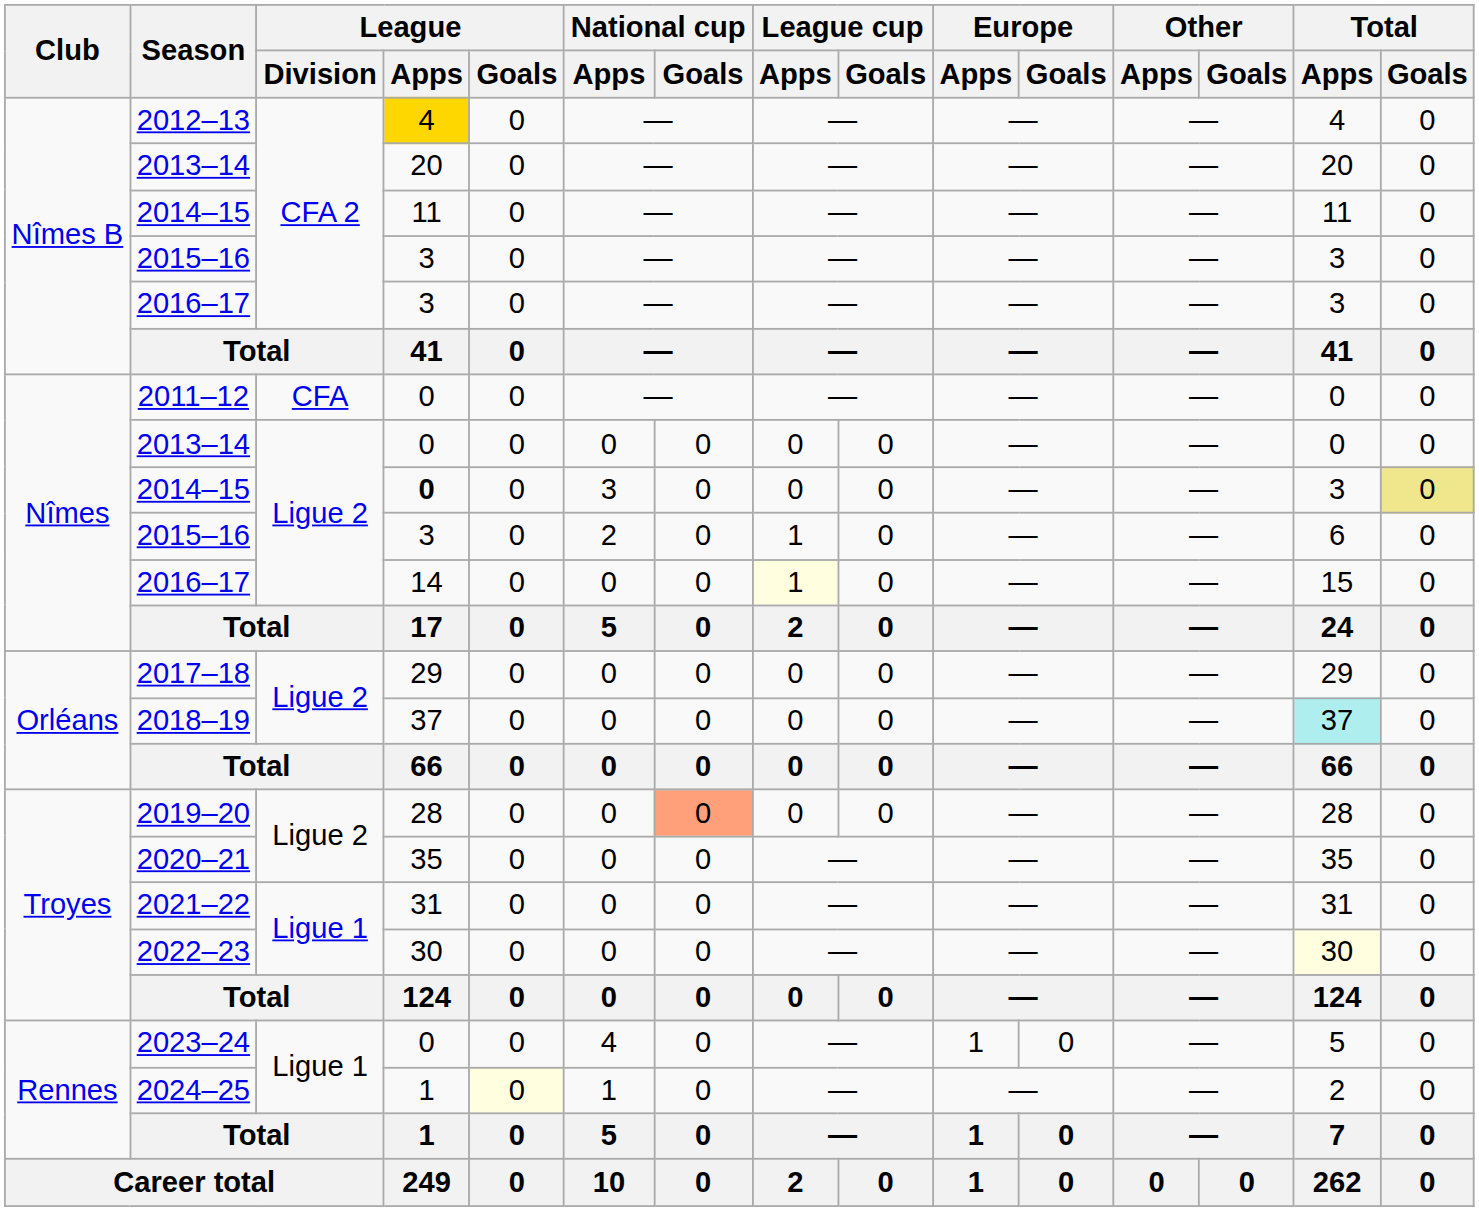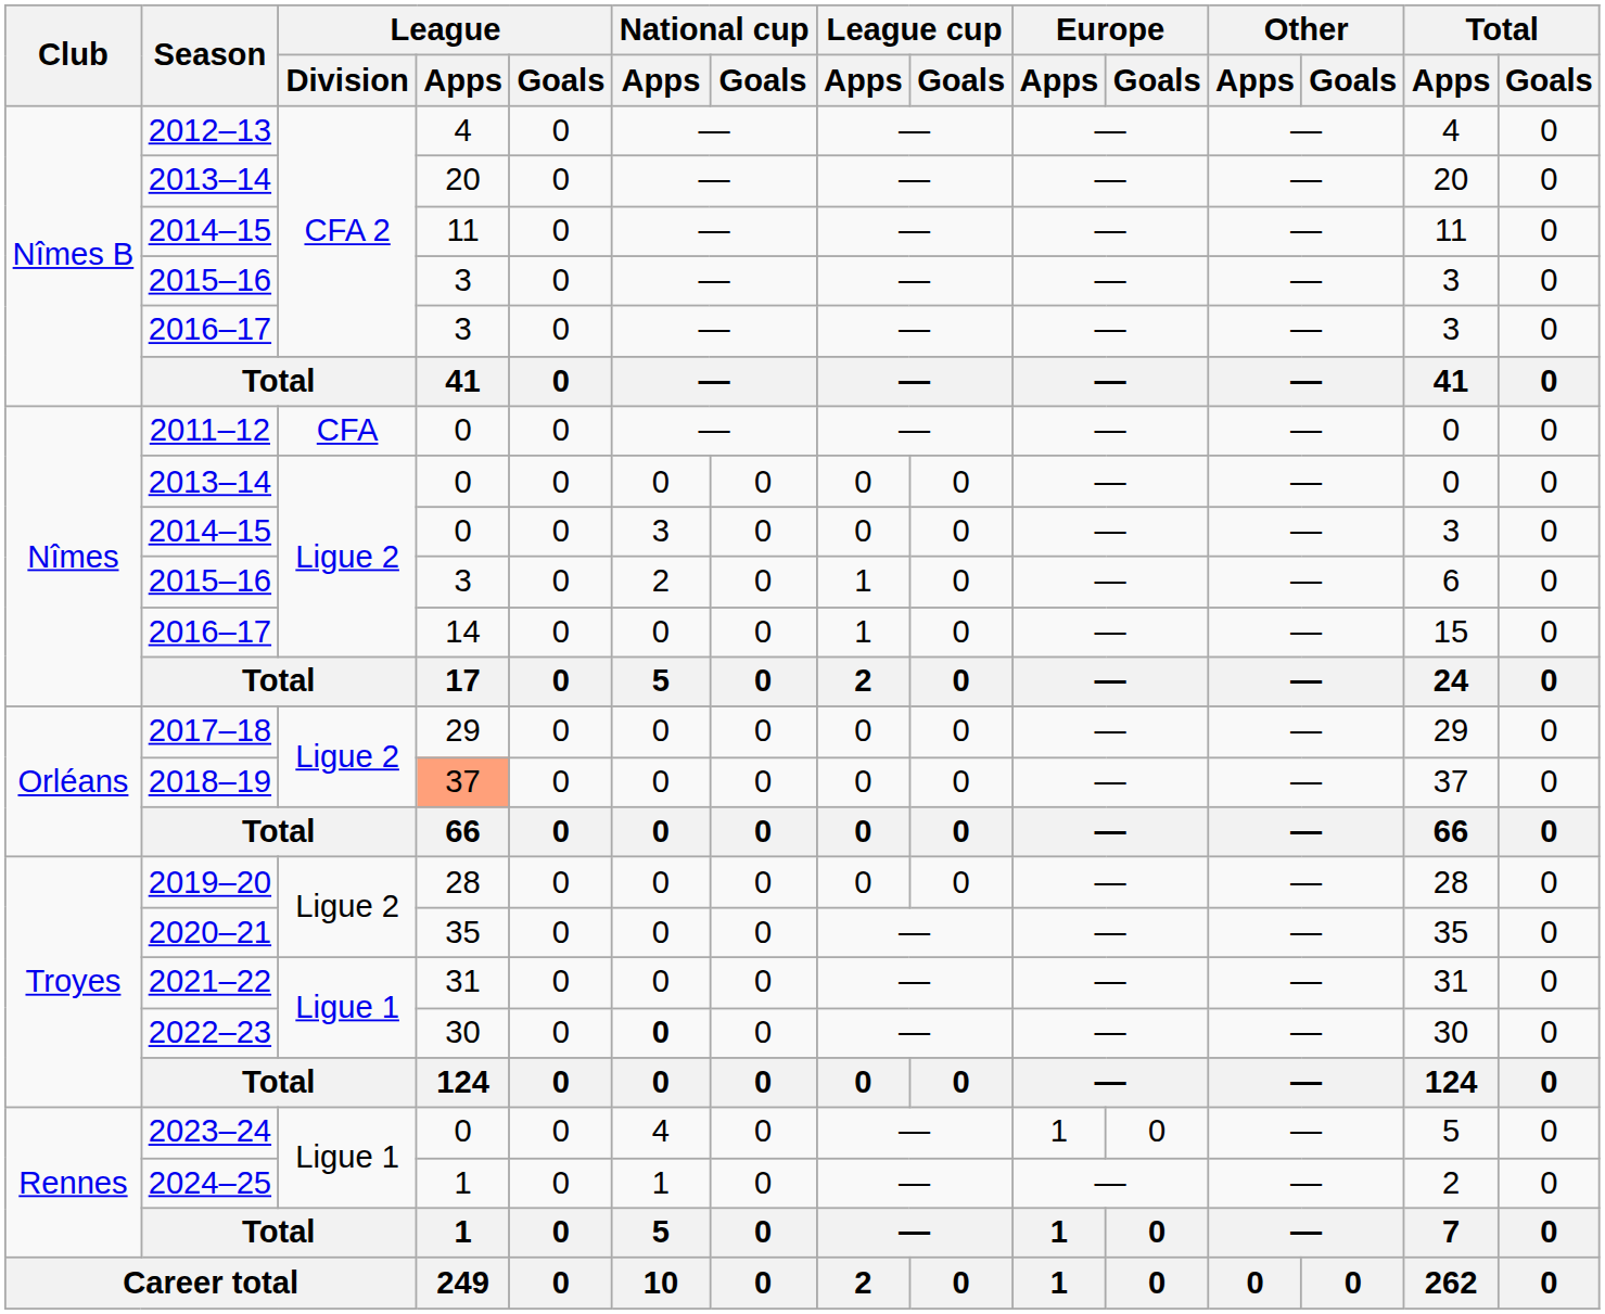 <table class="wikitable" style="text-align: center;">
 <tr>
 <th rowspan="2">Club</th>
 <th rowspan="2">Season</th>
 <th colspan="3">League</th>
 <th colspan="2">National cup</th>
 <th colspan="2">League cup</th>
 <th colspan="2">Europe</th>
 <th colspan="2">Other</th>
 <th colspan="2">Total</th>
 </tr>
 <tr>
 <th>Division</th>
 <th>Apps</th>
 <th>Goals</th>
 <th>Apps</th>
 <th>Goals</th>
 <th>Apps</th>
 <th>Goals</th>
 <th>Apps</th>
 <th>Goals</th>
 <th>Apps</th>
 <th>Goals</th>
 <th>Apps</th>
 <th>Goals</th>
 </tr>
 <tr>
 <td rowspan="6"><a href='#'>Nîmes B</a></td>
 <td><a href='#'>2012–13</a></td>
 <td rowspan="5"><a href='#'>CFA 2</a></td>
-<td style="background: gold;">4</td>
+<td>4</td>
 <td>0</td>
 <td colspan="2">—</td>
 <td colspan="2">—</td>
 <td colspan="2">—</td>
 <td colspan="2">—</td>
 <td>4</td>
 <td>0</td>
 </tr>
 <tr>
 <td><a href='#'>2013–14</a></td>
 <td>20</td>
 <td>0</td>
 <td colspan="2">—</td>
 <td colspan="2">—</td>
 <td colspan="2">—</td>
 <td colspan="2">—</td>
 <td>20</td>
 <td>0</td>
 </tr>
 <tr>
 <td><a href='#'>2014–15</a></td>
 <td>11</td>
 <td>0</td>
 <td colspan="2">—</td>
 <td colspan="2">—</td>
 <td colspan="2">—</td>
 <td colspan="2">—</td>
 <td>11</td>
 <td>0</td>
 </tr>
 <tr>
 <td><a href='#'>2015–16</a></td>
 <td>3</td>
 <td>0</td>
 <td colspan="2">—</td>
 <td colspan="2">—</td>
 <td colspan="2">—</td>
 <td colspan="2">—</td>
 <td>3</td>
 <td>0</td>
 </tr>
 <tr>
 <td><a href='#'>2016–17</a></td>
 <td>3</td>
 <td>0</td>
 <td colspan="2">—</td>
 <td colspan="2">—</td>
 <td colspan="2">—</td>
 <td colspan="2">—</td>
 <td>3</td>
 <td>0</td>
 </tr>
 <tr>
 <th colspan="2">Total</th>
 <th>41</th>
 <th>0</th>
 <th colspan="2">—</th>
 <th colspan="2">—</th>
 <th colspan="2">—</th>
 <th colspan="2">—</th>
 <th>41</th>
 <th>0</th>
 </tr>
 <tr>
 <td rowspan="6"><a href='#'>Nîmes</a></td>
 <td><a href='#'>2011–12</a></td>
 <td><a href='#'>CFA</a></td>
 <td>0</td>
 <td>0</td>
 <td colspan="2">—</td>
 <td colspan="2">—</td>
 <td colspan="2">—</td>
 <td colspan="2">—</td>
 <td>0</td>
 <td>0</td>
 </tr>
 <tr>
 <td><a href='#'>2013–14</a></td>
 <td rowspan="4"><a href='#'>Ligue 2</a></td>
 <td>0</td>
 <td>0</td>
 <td>0</td>
 <td>0</td>
 <td>0</td>
 <td>0</td>
 <td colspan="2">—</td>
 <td colspan="2">—</td>
 <td>0</td>
 <td>0</td>
 </tr>
 <tr>
 <td><a href='#'>2014–15</a></td>
-<td><strong>0</strong></td>
+<td>0</td>
 <td>0</td>
 <td>3</td>
 <td>0</td>
 <td>0</td>
 <td>0</td>
 <td colspan="2">—</td>
 <td colspan="2">—</td>
 <td>3</td>
-<td style="background: khaki;">0</td>
+<td>0</td>
 </tr>
 <tr>
 <td><a href='#'>2015–16</a></td>
 <td>3</td>
 <td>0</td>
 <td>2</td>
 <td>0</td>
 <td>1</td>
 <td>0</td>
 <td colspan="2">—</td>
 <td colspan="2">—</td>
 <td>6</td>
 <td>0</td>
 </tr>
 <tr>
 <td><a href='#'>2016–17</a></td>
 <td>14</td>
 <td>0</td>
 <td>0</td>
 <td>0</td>
-<td style="background: lightyellow;">1</td>
+<td>1</td>
 <td>0</td>
 <td colspan="2">—</td>
 <td colspan="2">—</td>
 <td>15</td>
 <td>0</td>
 </tr>
 <tr>
 <th colspan="2">Total</th>
 <th>17</th>
 <th>0</th>
 <th>5</th>
 <th>0</th>
 <th>2</th>
 <th>0</th>
 <th colspan="2">—</th>
 <th colspan="2">—</th>
 <th>24</th>
 <th>0</th>
 </tr>
 <tr>
 <td rowspan="3"><a href='#'>Orléans</a></td>
 <td><a href='#'>2017–18</a></td>
 <td rowspan="2"><a href='#'>Ligue 2</a></td>
 <td>29</td>
 <td>0</td>
 <td>0</td>
 <td>0</td>
 <td>0</td>
 <td>0</td>
 <td colspan="2">—</td>
 <td colspan="2">—</td>
 <td>29</td>
 <td>0</td>
 </tr>
 <tr>
 <td><a href='#'>2018–19</a></td>
-<td>37</td>
+<td style="background: lightsalmon;">37</td>
 <td>0</td>
 <td>0</td>
 <td>0</td>
 <td>0</td>
 <td>0</td>
 <td colspan="2">—</td>
 <td colspan="2">—</td>
-<td style="background: paleturquoise;">37</td>
+<td>37</td>
 <td>0</td>
 </tr>
 <tr>
 <th colspan="2">Total</th>
 <th>66</th>
 <th>0</th>
 <th>0</th>
 <th>0</th>
 <th>0</th>
 <th>0</th>
 <th colspan="2">—</th>
 <th colspan="2">—</th>
 <th>66</th>
 <th>0</th>
 </tr>
 <tr>
 <td rowspan="5"><a href='#'>Troyes</a></td>
 <td><a href='#'>2019–20</a></td>
 <td rowspan="2">Ligue 2</td>
 <td>28</td>
 <td>0</td>
 <td>0</td>
-<td style="background: lightsalmon;">0</td>
+<td>0</td>
 <td>0</td>
 <td>0</td>
 <td colspan="2">—</td>
 <td colspan="2">—</td>
 <td>28</td>
 <td>0</td>
 </tr>
 <tr>
 <td><a href='#'>2020–21</a></td>
 <td>35</td>
 <td>0</td>
 <td>0</td>
 <td>0</td>
 <td colspan="2">—</td>
 <td colspan="2">—</td>
 <td colspan="2">—</td>
 <td>35</td>
 <td>0</td>
 </tr>
 <tr>
 <td><a href='#'>2021–22</a></td>
 <td rowspan="2"><a href='#'>Ligue 1</a></td>
 <td>31</td>
 <td>0</td>
 <td>0</td>
 <td>0</td>
 <td colspan="2">—</td>
 <td colspan="2">—</td>
 <td colspan="2">—</td>
 <td>31</td>
 <td>0</td>
 </tr>
 <tr>
 <td><a href='#'>2022–23</a></td>
 <td>30</td>
 <td>0</td>
-<td>0</td>
+<td><strong>0</strong></td>
 <td>0</td>
 <td colspan="2">—</td>
 <td colspan="2">—</td>
 <td colspan="2">—</td>
-<td style="background: lightyellow;">30</td>
+<td>30</td>
 <td>0</td>
 </tr>
 <tr>
 <th colspan="2">Total</th>
 <th>124</th>
 <th>0</th>
 <th>0</th>
 <th>0</th>
 <th>0</th>
 <th>0</th>
 <th colspan="2">—</th>
 <th colspan="2">—</th>
 <th>124</th>
 <th>0</th>
 </tr>
 <tr>
 <td rowspan="3"><a href='#'>Rennes</a></td>
 <td><a href='#'>2023–24</a></td>
 <td rowspan="2">Ligue 1</td>
 <td>0</td>
 <td>0</td>
 <td>4</td>
 <td>0</td>
 <td colspan="2">—</td>
 <td>1</td>
 <td>0</td>
 <td colspan="2">—</td>
 <td>5</td>
 <td>0</td>
 </tr>
 <tr>
 <td><a href='#'>2024–25</a></td>
 <td>1</td>
-<td style="background: lightyellow;">0</td>
+<td>0</td>
 <td>1</td>
 <td>0</td>
 <td colspan="2">—</td>
 <td colspan="2">—</td>
 <td colspan="2">—</td>
 <td>2</td>
 <td>0</td>
 </tr>
 <tr>
 <th colspan="2">Total</th>
 <th>1</th>
 <th>0</th>
 <th>5</th>
 <th>0</th>
 <th colspan="2">—</th>
 <th>1</th>
 <th>0</th>
 <th colspan="2">—</th>
 <th>7</th>
 <th>0</th>
 </tr>
 <tr>
 <th colspan="3">Career total</th>
 <th>249</th>
 <th>0</th>
 <th>10</th>
 <th>0</th>
 <th>2</th>
 <th>0</th>
 <th>1</th>
 <th>0</th>
 <th>0</th>
 <th>0</th>
 <th>262</th>
 <th>0</th>
 </tr>
 </table>
